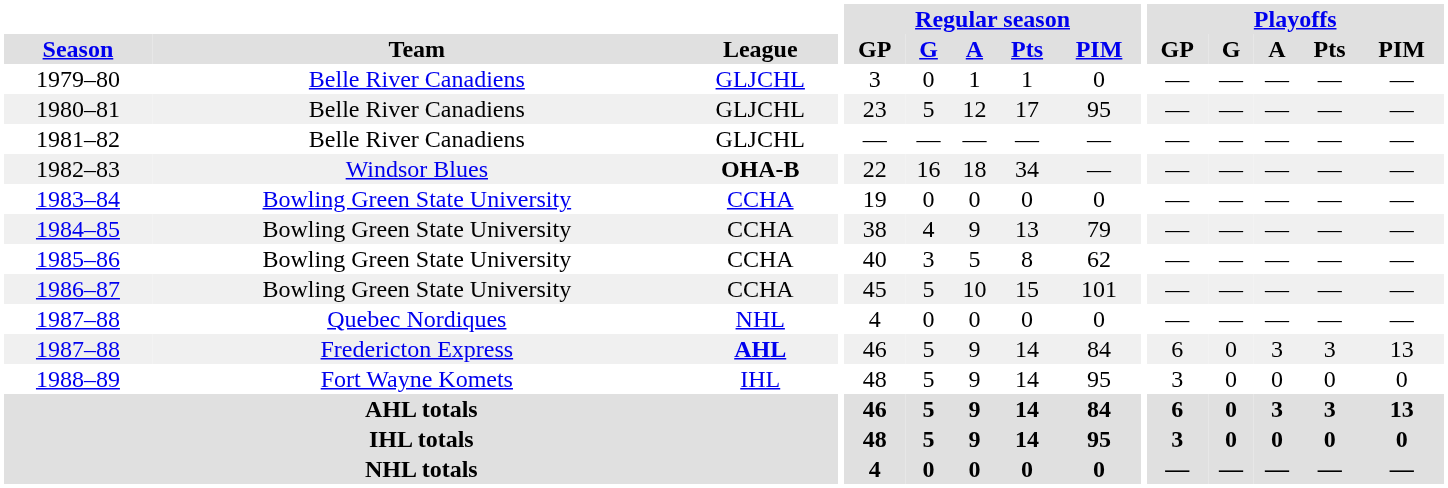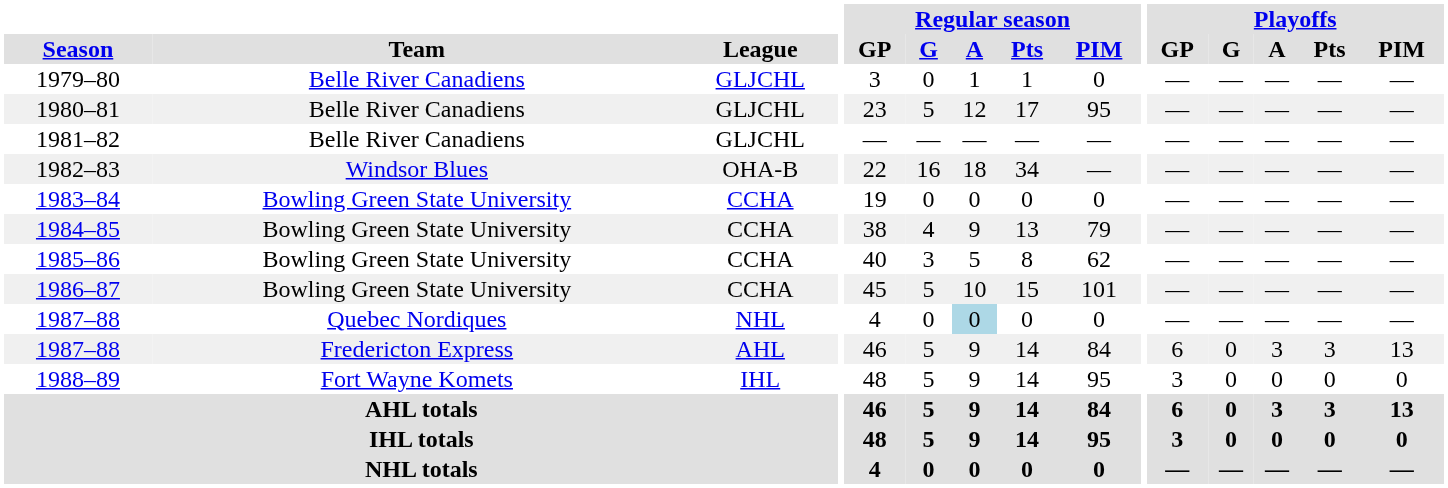 <table border="0" cellpadding="1" cellspacing="0" style="text-align:center; width:60em">
 <tr bgcolor="#e0e0e0">
 <th colspan="3" bgcolor="#ffffff"></th>
 <th rowspan="100" bgcolor="#ffffff"></th>
 <th colspan="5"><a href='#'>Regular season</a></th>
 <th rowspan="100" bgcolor="#ffffff"></th>
 <th colspan="5"><a href='#'>Playoffs</a></th>
 </tr>
 <tr bgcolor="#e0e0e0">
 <th><a href='#'>Season</a></th>
 <th>Team</th>
 <th>League</th>
 <th>GP</th>
 <th><a href='#'>G</a></th>
 <th><a href='#'>A</a></th>
 <th><a href='#'>Pts</a></th>
 <th><a href='#'>PIM</a></th>
 <th>GP</th>
 <th>G</th>
 <th>A</th>
 <th>Pts</th>
 <th>PIM</th>
 </tr>
 <tr>
 <td>1979–80</td>
 <td><a href='#'>Belle River Canadiens</a></td>
 <td><a href='#'>GLJCHL</a></td>
 <td>3</td>
 <td>0</td>
 <td>1</td>
 <td>1</td>
 <td>0</td>
 <td>—</td>
 <td>—</td>
 <td>—</td>
 <td>—</td>
 <td>—</td>
 </tr>
 <tr bgcolor="#f0f0f0">
 <td>1980–81</td>
 <td>Belle River Canadiens</td>
 <td>GLJCHL</td>
 <td>23</td>
 <td>5</td>
 <td>12</td>
 <td>17</td>
 <td>95</td>
 <td>—</td>
 <td>—</td>
 <td>—</td>
 <td>—</td>
 <td>—</td>
 </tr>
 <tr>
 <td>1981–82</td>
 <td>Belle River Canadiens</td>
 <td>GLJCHL</td>
 <td>—</td>
 <td>—</td>
 <td>—</td>
 <td>—</td>
 <td>—</td>
 <td>—</td>
 <td>—</td>
 <td>—</td>
 <td>—</td>
 <td>—</td>
 </tr>
 <tr bgcolor="#f0f0f0">
 <td>1982–83</td>
 <td><a href='#'>Windsor Blues</a></td>
-<td><strong>OHA-B</strong></td>
+<td>OHA-B</td>
 <td>22</td>
 <td>16</td>
 <td>18</td>
 <td>34</td>
 <td>—</td>
 <td>—</td>
 <td>—</td>
 <td>—</td>
 <td>—</td>
 <td>—</td>
 </tr>
 <tr>
 <td><a href='#'>1983–84</a></td>
 <td><a href='#'>Bowling Green State University</a></td>
 <td><a href='#'>CCHA</a></td>
 <td>19</td>
 <td>0</td>
 <td>0</td>
 <td>0</td>
 <td>0</td>
 <td>—</td>
 <td>—</td>
 <td>—</td>
 <td>—</td>
 <td>—</td>
 </tr>
 <tr bgcolor="#f0f0f0">
 <td><a href='#'>1984–85</a></td>
 <td>Bowling Green State University</td>
 <td>CCHA</td>
 <td>38</td>
 <td>4</td>
 <td>9</td>
 <td>13</td>
 <td>79</td>
 <td>—</td>
 <td>—</td>
 <td>—</td>
 <td>—</td>
 <td>—</td>
 </tr>
 <tr>
 <td><a href='#'>1985–86</a></td>
 <td>Bowling Green State University</td>
 <td>CCHA</td>
 <td>40</td>
 <td>3</td>
 <td>5</td>
 <td>8</td>
 <td>62</td>
 <td>—</td>
 <td>—</td>
 <td>—</td>
 <td>—</td>
 <td>—</td>
 </tr>
 <tr bgcolor="#f0f0f0">
 <td><a href='#'>1986–87</a></td>
 <td>Bowling Green State University</td>
 <td>CCHA</td>
 <td>45</td>
 <td>5</td>
 <td>10</td>
 <td>15</td>
 <td>101</td>
 <td>—</td>
 <td>—</td>
 <td>—</td>
 <td>—</td>
 <td>—</td>
 </tr>
 <tr>
 <td><a href='#'>1987–88</a></td>
 <td><a href='#'>Quebec Nordiques</a></td>
 <td><a href='#'>NHL</a></td>
 <td>4</td>
 <td>0</td>
-<td>0</td>
+<td style="background: lightblue;">0</td>
 <td>0</td>
 <td>0</td>
 <td>—</td>
 <td>—</td>
 <td>—</td>
 <td>—</td>
 <td>—</td>
 </tr>
 <tr bgcolor="#f0f0f0">
 <td><a href='#'>1987–88</a></td>
 <td><a href='#'>Fredericton Express</a></td>
-<td><strong><a href='#'>AHL</a></strong></td>
+<td><a href='#'>AHL</a></td>
 <td>46</td>
 <td>5</td>
 <td>9</td>
 <td>14</td>
 <td>84</td>
 <td>6</td>
 <td>0</td>
 <td>3</td>
 <td>3</td>
 <td>13</td>
 </tr>
 <tr>
 <td><a href='#'>1988–89</a></td>
 <td><a href='#'>Fort Wayne Komets</a></td>
 <td><a href='#'>IHL</a></td>
 <td>48</td>
 <td>5</td>
 <td>9</td>
 <td>14</td>
 <td>95</td>
 <td>3</td>
 <td>0</td>
 <td>0</td>
 <td>0</td>
 <td>0</td>
 </tr>
 <tr bgcolor="#e0e0e0">
 <th colspan="3">AHL totals</th>
 <th>46</th>
 <th>5</th>
 <th>9</th>
 <th>14</th>
 <th>84</th>
 <th>6</th>
 <th>0</th>
 <th>3</th>
 <th>3</th>
 <th>13</th>
 </tr>
 <tr bgcolor="#e0e0e0">
 <th colspan="3">IHL totals</th>
 <th>48</th>
 <th>5</th>
 <th>9</th>
 <th>14</th>
 <th>95</th>
 <th>3</th>
 <th>0</th>
 <th>0</th>
 <th>0</th>
 <th>0</th>
 </tr>
 <tr bgcolor="#e0e0e0">
 <th colspan="3">NHL totals</th>
 <th>4</th>
 <th>0</th>
 <th>0</th>
 <th>0</th>
 <th>0</th>
 <th>—</th>
 <th>—</th>
 <th>—</th>
 <th>—</th>
 <th>—</th>
 </tr>
 </table>
